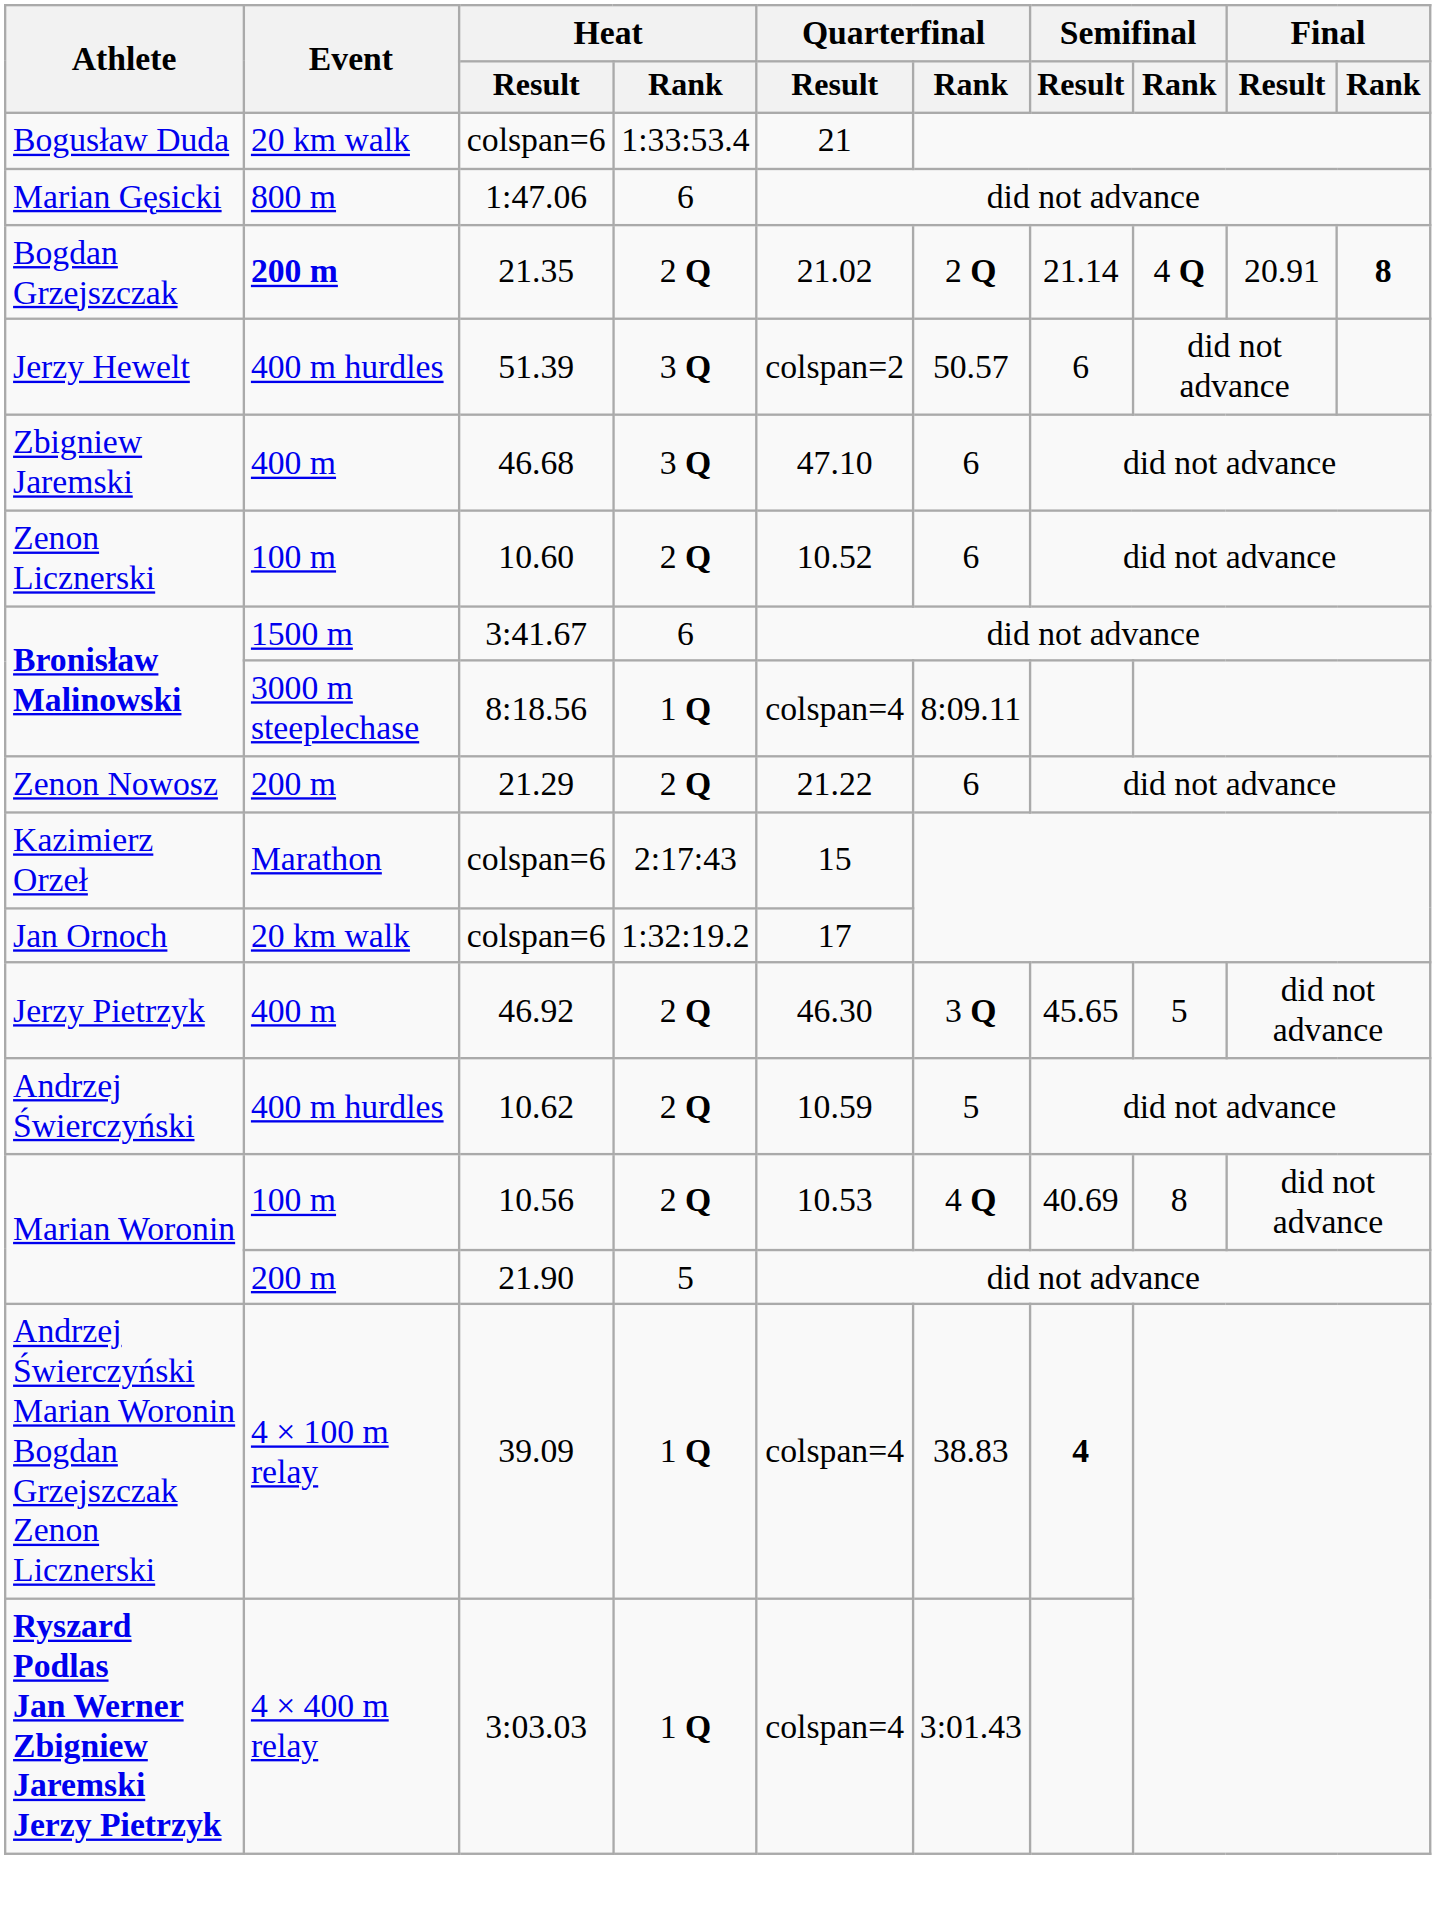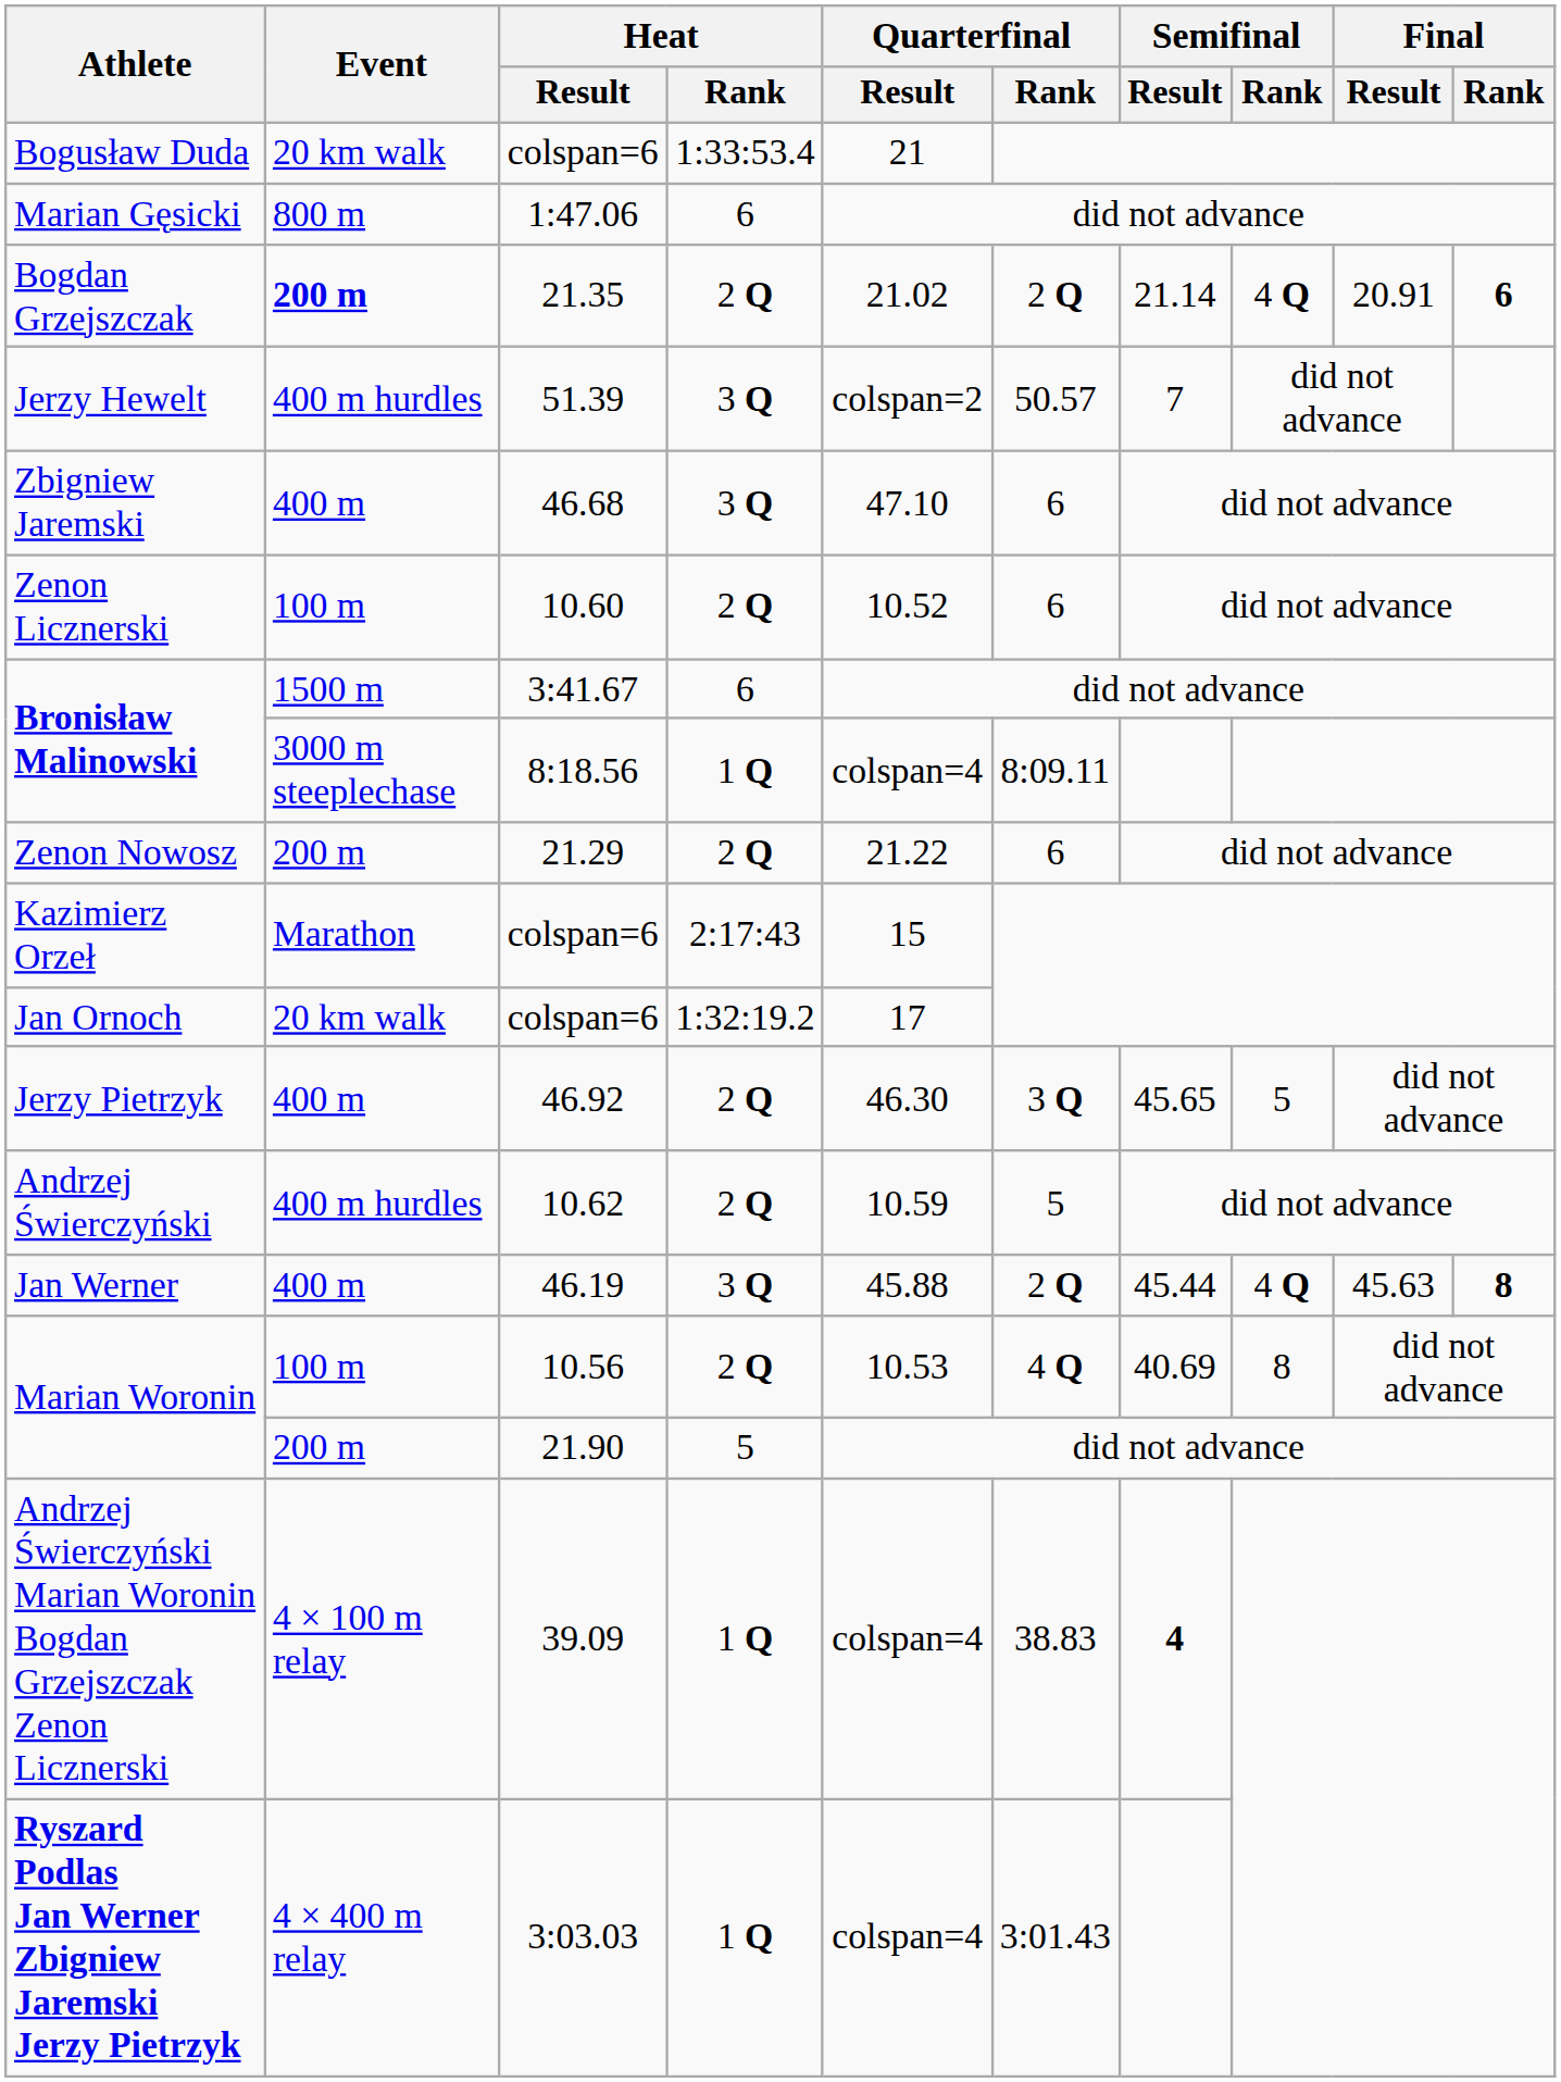 <table class="wikitable" style="font-size:90%">
 <tr>
 <th rowspan="2">Athlete</th>
 <th rowspan="2">Event</th>
 <th colspan="2">Heat</th>
 <th colspan="2">Quarterfinal</th>
 <th colspan="2">Semifinal</th>
 <th colspan="2">Final</th>
 </tr>
 <tr style="font-size:95%">
 <th>Result</th>
 <th>Rank</th>
 <th>Result</th>
 <th>Rank</th>
 <th>Result</th>
 <th>Rank</th>
 <th>Result</th>
 <th>Rank</th>
 </tr>
 <tr align=center>
 <td style="text-align:left;"><a href='#'>Bogusław Duda</a></td>
 <td align=left><a href='#'>20 km walk</a></td>
 <td>colspan=6 </td>
 <td colspan=1>1:33:53.4</td>
 <td colspan=1>21</td>
 </tr>
 <tr align=center>
 <td align=left><a href='#'>Marian Gęsicki</a></td>
 <td align=left><a href='#'>800 m</a></td>
 <td>1:47.06</td>
 <td>6</td>
 <td colspan=6>did not advance</td>
 </tr>
 <tr align=center>
 <td style="text-align:left;"><a href='#'>Bogdan Grzejszczak</a></td>
 <td align=left><strong><a href='#'>200 m</a></strong></td>
 <td>21.35</td>
 <td>2 <strong>Q</strong></td>
 <td>21.02</td>
 <td>2 <strong>Q</strong></td>
 <td>21.14</td>
 <td>4 <strong>Q</strong></td>
 <td>20.91</td>
-<td><strong>8</strong></td>
+<td><strong>6</strong></td>
 </tr>
 <tr align=center>
 <td style="text-align:left;"><a href='#'>Jerzy Hewelt</a></td>
 <td align=left><a href='#'>400 m hurdles</a></td>
 <td>51.39</td>
 <td>3 <strong>Q</strong></td>
 <td>colspan=2 </td>
 <td>50.57</td>
-<td>6</td>
+<td>7</td>
 <td colspan=2>did not advance</td>
 </tr>
 <tr align=center>
 <td align=left><a href='#'>Zbigniew Jaremski</a></td>
 <td align=left><a href='#'>400 m</a></td>
 <td>46.68</td>
 <td>3 <strong>Q</strong></td>
 <td>47.10</td>
 <td>6</td>
 <td colspan=4>did not advance</td>
 </tr>
 <tr align=center>
 <td style="text-align:left;" rowspan="1"><a href='#'>Zenon Licznerski</a></td>
 <td align=left><a href='#'>100 m</a></td>
 <td>10.60</td>
 <td>2 <strong>Q</strong></td>
 <td>10.52</td>
 <td>6</td>
 <td colspan=4>did not advance</td>
 </tr>
 <tr align=center>
 <td style="text-align:left;" rowspan="2"><strong><a href='#'>Bronisław Malinowski</a></strong></td>
 <td align=left><a href='#'>1500 m</a></td>
 <td>3:41.67</td>
 <td>6</td>
 <td colspan=6>did not advance</td>
 </tr>
 <tr align=center>
 <td align=left><a href='#'>3000 m steeplechase</a></td>
 <td>8:18.56</td>
 <td>1 <strong>Q</strong></td>
 <td>colspan=4 </td>
 <td>8:09.11</td>
 <td></td>
 </tr>
 <tr align=center>
 <td style="text-align:left;" rowspan="1"><a href='#'>Zenon Nowosz</a></td>
 <td align=left><a href='#'>200 m</a></td>
 <td>21.29</td>
 <td>2 <strong>Q</strong></td>
 <td>21.22</td>
 <td>6</td>
 <td colspan=4>did not advance</td>
 </tr>
 <tr align=center>
 <td align=left><a href='#'>Kazimierz Orzeł</a></td>
 <td align=left><a href='#'>Marathon</a></td>
 <td>colspan=6 </td>
 <td>2:17:43</td>
 <td>15</td>
 </tr>
 <tr align=center>
 <td align=left><a href='#'>Jan Ornoch</a></td>
 <td align=left><a href='#'>20 km walk</a></td>
 <td>colspan=6 </td>
 <td>1:32:19.2</td>
 <td>17</td>
 </tr>
 <tr align=center>
 <td align=left><a href='#'>Jerzy Pietrzyk</a></td>
 <td align=left><a href='#'>400 m</a></td>
 <td>46.92</td>
 <td>2 <strong>Q</strong></td>
 <td>46.30</td>
 <td>3 <strong>Q</strong></td>
 <td>45.65</td>
 <td>5</td>
 <td colspan=2>did not advance</td>
 </tr>
 <tr align=center>
 <td style="text-align:left;"><a href='#'>Andrzej Świerczyński</a></td>
 <td align=left><a href='#'>400 m hurdles</a></td>
 <td>10.62</td>
 <td>2 <strong>Q</strong></td>
 <td>10.59</td>
 <td>5</td>
 <td colspan=4>did not advance</td>
 </tr>
 <tr align=center>
+<td align=left><a href='#'>Jan Werner</a></td>
+<td align=left><a href='#'>400 m</a></td>
+<td>46.19</td>
+<td>3 <strong>Q</strong></td>
+<td>45.88</td>
+<td>2 <strong>Q</strong></td>
+<td>45.44</td>
+<td>4 <strong>Q</strong></td>
+<td>45.63</td>
+<td><strong>8</strong></td>
+</tr>
+<tr align=center>
 <td align=left rowspan="2"><a href='#'>Marian Woronin</a></td>
 <td style="text-align:left;" rowspan="1"><a href='#'>100 m</a></td>
 <td>10.56</td>
 <td>2 <strong>Q</strong></td>
 <td>10.53</td>
 <td>4 <strong>Q</strong></td>
 <td>40.69</td>
 <td>8</td>
 <td colspan=2>did not advance</td>
 </tr>
 <tr align=center>
 <td style="text-align:left;" rowspan="1"><a href='#'>200 m</a></td>
 <td>21.90</td>
 <td>5</td>
 <td colspan=6>did not advance</td>
 </tr>
 <tr align=center>
 <td align=left><a href='#'>Andrzej Świerczyński</a><br><a href='#'>Marian Woronin</a><br> <a href='#'>Bogdan Grzejszczak</a><br><a href='#'>Zenon Licznerski</a></td>
 <td align=left><a href='#'>4 × 100 m relay</a></td>
 <td>39.09</td>
 <td>1 <strong>Q</strong></td>
 <td>colspan=4 </td>
 <td>38.83</td>
 <td><strong>4</strong></td>
 </tr>
 <tr align=center>
 <td align=left><strong><a href='#'>Ryszard Podlas</a><br><a href='#'>Jan Werner</a><br><a href='#'>Zbigniew Jaremski</a><br><a href='#'>Jerzy Pietrzyk</a></strong></td>
 <td align=left><a href='#'>4 × 400 m relay</a></td>
 <td>3:03.03</td>
 <td>1 <strong>Q</strong></td>
 <td>colspan=4 </td>
 <td>3:01.43</td>
 <td></td>
 </tr>
 </table>
